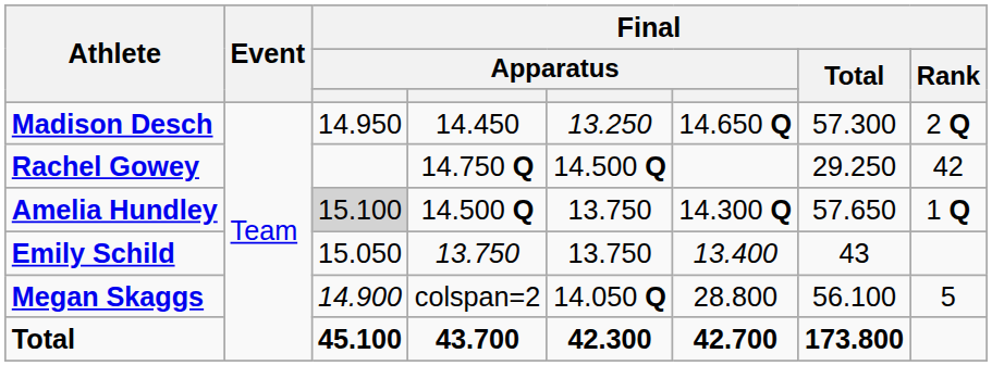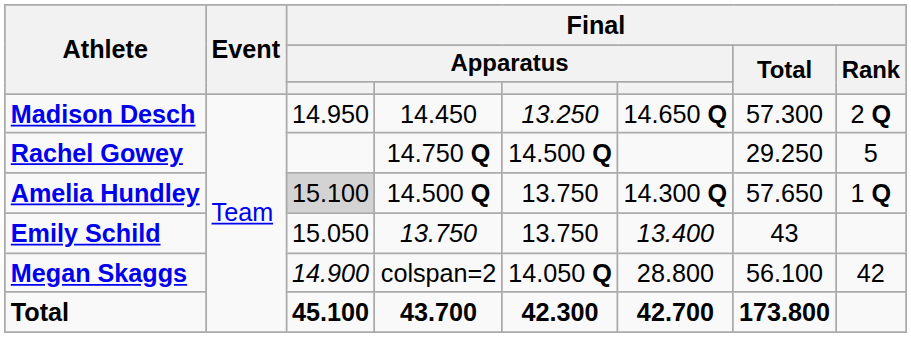 <table class="wikitable" style="font-size:90%">
 <tr>
 <th rowspan=3>Athlete</th>
 <th rowspan=3>Event</th>
 <th colspan=6>Final</th>
 </tr>
 <tr style="font-size:95%">
 <th colspan=4>Apparatus</th>
 <th rowspan=2>Total</th>
 <th rowspan=2>Rank</th>
 </tr>
 <tr style="font-size:95%">
 <th></th>
 <th></th>
 <th></th>
 <th></th>
 </tr>
 <tr align=center>
 <td align=left><strong><a href='#'>Madison Desch</a></strong></td>
 <td style="text-align:left;" rowspan="6"><a href='#'>Team</a></td>
 <td>14.950</td>
 <td>14.450</td>
 <td><em>13.250</em></td>
 <td>14.650 <strong>Q</strong></td>
 <td>57.300</td>
 <td>2 <strong>Q</strong></td>
 </tr>
 <tr align=center>
 <td align=left><strong><a href='#'>Rachel Gowey</a></strong></td>
 <td></td>
 <td>14.750 <strong>Q</strong></td>
 <td>14.500 <strong>Q</strong></td>
 <td></td>
 <td>29.250</td>
-<td>42</td>
+<td>5</td>
 </tr>
 <tr align=center>
 <td align=left><strong><a href='#'>Amelia Hundley</a></strong></td>
 <td style="background: lightgrey;">15.100</td>
 <td>14.500 <strong>Q</strong></td>
 <td>13.750</td>
 <td>14.300 <strong>Q</strong></td>
 <td>57.650</td>
 <td>1 <strong>Q</strong></td>
 </tr>
 <tr align=center>
 <td align=left><strong><a href='#'>Emily Schild</a></strong></td>
 <td>15.050</td>
 <td><em>13.750</em></td>
 <td>13.750</td>
 <td><em>13.400</em></td>
 <td>43</td>
 </tr>
 <tr align=center>
 <td align=left><strong><a href='#'>Megan Skaggs</a></strong></td>
 <td><em>14.900</em></td>
 <td>colspan=2 </td>
 <td>14.050 <strong>Q</strong></td>
 <td>28.800</td>
 <td>56.100</td>
-<td>5</td>
+<td>42</td>
 </tr>
 <tr align=center>
 <td align=left><strong>Total</strong></td>
 <td><strong>45.100</strong></td>
 <td><strong>43.700</strong></td>
 <td><strong>42.300</strong></td>
 <td><strong>42.700</strong></td>
 <td><strong>173.800</strong></td>
 <td></td>
 </tr>
 </table>
